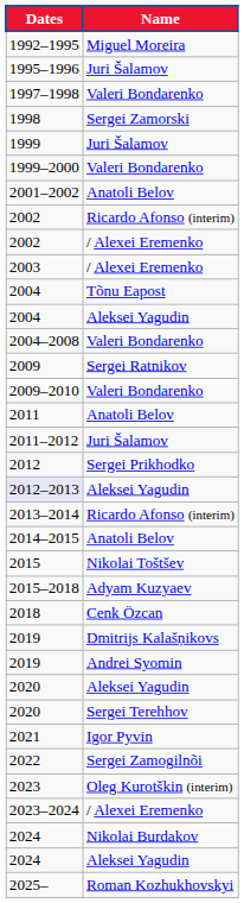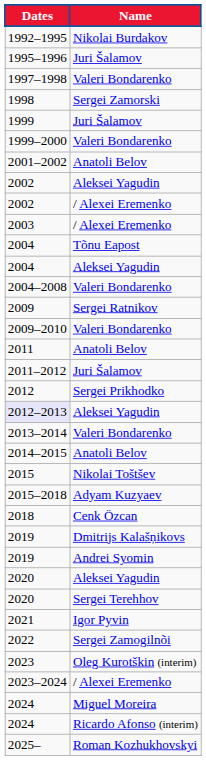 <table class="wikitable">
 <tr>
 <th style="background:#ec152f; color:white; border:2px solid #08559e;">Dates</th>
 <th style="background:#ec152f; color:white; border:2px solid #08559e;">Name</th>
 </tr>
 <tr>
 <td>1992–1995</td>
-<td> <a href='#'>Miguel Moreira</a></td>
+<td> <a href='#'>Nikolai Burdakov</a></td>
 </tr>
 <tr>
 <td>1995–1996</td>
 <td> <a href='#'>Juri Šalamov</a></td>
 </tr>
 <tr>
 <td>1997–1998</td>
 <td> <a href='#'>Valeri Bondarenko</a></td>
 </tr>
 <tr>
 <td>1998</td>
 <td> <a href='#'>Sergei Zamorski</a></td>
 </tr>
 <tr>
 <td>1999</td>
 <td> <a href='#'>Juri Šalamov</a></td>
 </tr>
 <tr>
 <td>1999–2000</td>
 <td> <a href='#'>Valeri Bondarenko</a></td>
 </tr>
 <tr>
 <td>2001–2002</td>
 <td> <a href='#'>Anatoli Belov</a></td>
 </tr>
 <tr>
 <td>2002</td>
-<td> <a href='#'>Ricardo Afonso</a> <small>(interim)</small></td>
+<td> <a href='#'>Aleksei Yagudin</a></td>
 </tr>
 <tr>
 <td>2002</td>
 <td>/ <a href='#'>Alexei Eremenko</a></td>
 </tr>
 <tr>
 <td>2003</td>
 <td>/ <a href='#'>Alexei Eremenko</a></td>
 </tr>
 <tr>
 <td>2004</td>
 <td> <a href='#'>Tõnu Eapost</a></td>
 </tr>
 <tr>
 <td>2004</td>
 <td> <a href='#'>Aleksei Yagudin</a></td>
 </tr>
 <tr>
 <td>2004–2008</td>
 <td> <a href='#'>Valeri Bondarenko</a></td>
 </tr>
 <tr>
 <td>2009</td>
 <td> <a href='#'>Sergei Ratnikov</a></td>
 </tr>
 <tr>
 <td>2009–2010</td>
 <td> <a href='#'>Valeri Bondarenko</a></td>
 </tr>
 <tr>
 <td>2011</td>
 <td> <a href='#'>Anatoli Belov</a></td>
 </tr>
 <tr>
 <td>2011–2012</td>
 <td> <a href='#'>Juri Šalamov</a></td>
 </tr>
 <tr>
 <td>2012</td>
 <td> <a href='#'>Sergei Prikhodko</a></td>
 </tr>
 <tr>
 <td style="background: lavender;">2012–2013</td>
 <td> <a href='#'>Aleksei Yagudin</a></td>
 </tr>
 <tr>
 <td>2013–2014</td>
-<td> <a href='#'>Ricardo Afonso</a> <small>(interim)</small></td>
+<td> <a href='#'>Valeri Bondarenko</a></td>
 </tr>
 <tr>
 <td>2014–2015</td>
 <td> <a href='#'>Anatoli Belov</a></td>
 </tr>
 <tr>
 <td>2015</td>
 <td> <a href='#'>Nikolai Toštšev</a></td>
 </tr>
 <tr>
 <td>2015–2018</td>
 <td> <a href='#'>Adyam Kuzyaev</a></td>
 </tr>
 <tr>
 <td>2018</td>
 <td> <a href='#'>Cenk Özcan</a></td>
 </tr>
 <tr>
 <td>2019</td>
 <td> <a href='#'>Dmitrijs Kalašņikovs</a></td>
 </tr>
 <tr>
 <td>2019</td>
 <td> <a href='#'>Andrei Syomin</a></td>
 </tr>
 <tr>
 <td>2020</td>
 <td> <a href='#'>Aleksei Yagudin</a></td>
 </tr>
 <tr>
 <td>2020</td>
 <td> <a href='#'>Sergei Terehhov</a></td>
 </tr>
 <tr>
 <td>2021</td>
 <td> <a href='#'>Igor Pyvin</a></td>
 </tr>
 <tr>
 <td>2022</td>
 <td> <a href='#'>Sergei Zamogilnõi</a></td>
 </tr>
 <tr>
 <td>2023</td>
 <td> <a href='#'>Oleg Kurotškin</a> <small>(interim)</small></td>
 </tr>
 <tr>
 <td>2023–2024</td>
 <td>/ <a href='#'>Alexei Eremenko</a></td>
 </tr>
 <tr>
 <td>2024</td>
-<td> <a href='#'>Nikolai Burdakov</a></td>
+<td> <a href='#'>Miguel Moreira</a></td>
 </tr>
 <tr>
 <td>2024</td>
-<td> <a href='#'>Aleksei Yagudin</a></td>
+<td> <a href='#'>Ricardo Afonso</a> <small>(interim)</small></td>
 </tr>
 <tr>
 <td>2025–</td>
 <td> <a href='#'>Roman Kozhukhovskyi</a></td>
 </tr>
 </table>
